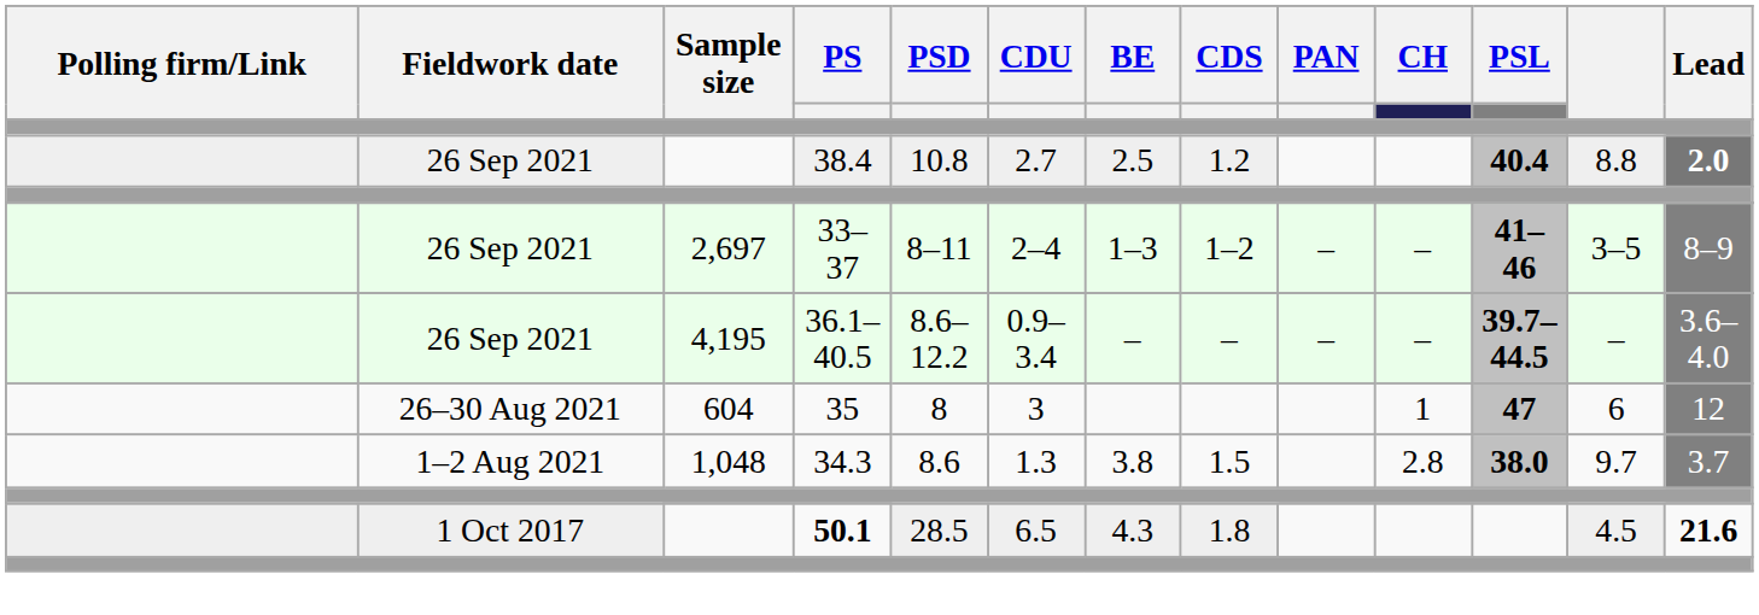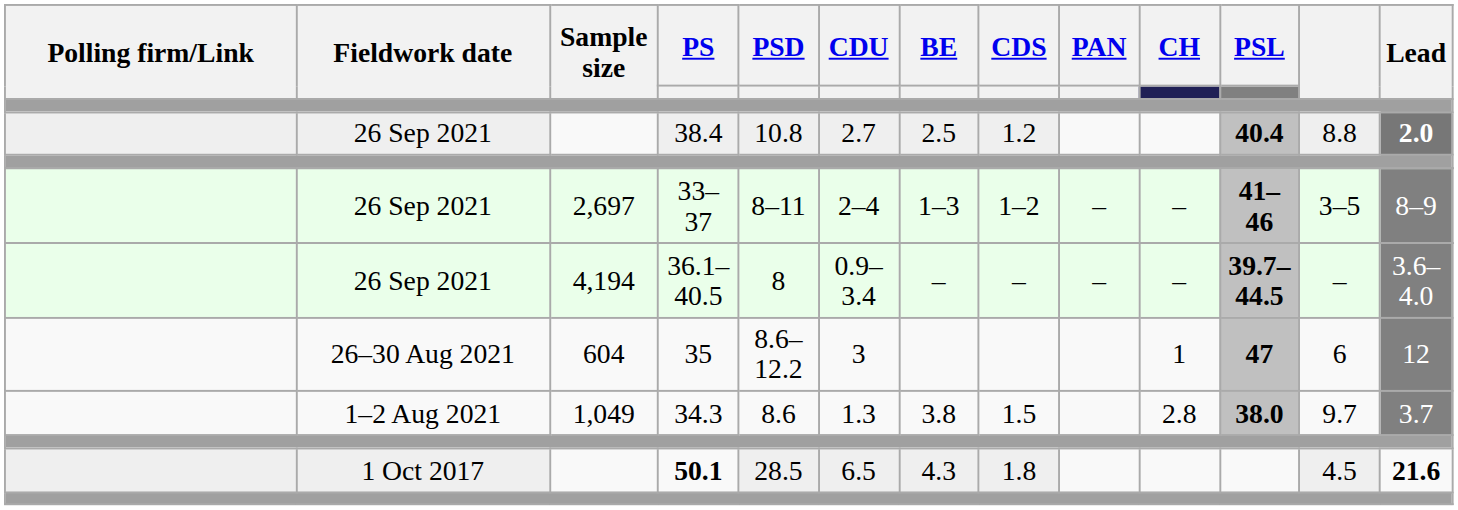 <table class="wikitable sortable mw-datatable" style="text-align:center;font-size:90%;line-height:16px;">
 <tr style="height:42px;">
 <th style="width:145px;" rowspan="2">Polling firm/Link</th>
 <th style="width:125px;" rowspan="2">Fieldwork date</th>
 <th class="unsortable" style="width:50px;" rowspan="2">Sample size</th>
 <th class="unsortable" style="width:35px;"><a href='#'>PS</a></th>
 <th class="unsortable" style="width:35px;"><a href='#'>PSD</a></th>
 <th class="unsortable" style="width:35px;"><a href='#'>CDU</a></th>
 <th class="unsortable" style="width:35px;"><a href='#'>BE</a></th>
 <th class="unsortable" style="width:35px;"><a href='#'>CDS</a></th>
 <th class="unsortable" style="width:35px;"><a href='#'>PAN</a></th>
 <th class="unsortable" style="width:35px;"><a href='#'>CH</a></th>
 <th class="unsortable" style="width:35px;"><a href='#'>PSL</a></th>
 <th class="unsortable" style="width:35px;" rowspan="2"></th>
 <th class="unsortable" style="width:30px;" rowspan="2">Lead</th>
 </tr>
 <tr>
 <th class="unsortable" style="color:inherit;background:"></th>
 <th class="unsortable" style="color:inherit;background:"></th>
 <th class="unsortable" style="color:inherit;background:"></th>
 <th class="unsortable" style="color:inherit;background:"></th>
 <th class="unsortable" style="color:inherit;background:"></th>
 <th class="sortable" style="background:"></th>
 <th class="sortable" style="background:#202056;"></th>
 <th class="unsortable" style="color:inherit;background:gray;"></th>
 </tr>
 <tr>
 <td colspan="13" style="background:#A0A0A0"></td>
 </tr>
 <tr>
 <td style="background:#EFEFEF;"><strong></strong></td>
 <td style="background:#EFEFEF;" data-sort-value="2019-10-06">26 Sep 2021</td>
 <td></td>
 <td style="background:#EFEFEF;">38.4<br></td>
 <td style="background:#EFEFEF;">10.8<br></td>
 <td style="background:#EFEFEF;">2.7<br></td>
 <td style="background:#EFEFEF;">2.5<br></td>
 <td style="background:#EFEFEF;">1.2<br></td>
 <td></td>
 <td></td>
 <td style="background:#C0C0C0"><strong>40.4</strong><br></td>
 <td style="background:#EFEFEF;">8.8<br></td>
 <td style="background:#777777; color:white;"><strong>2.0</strong></td>
 </tr>
 <tr>
 <td colspan="13" style="background:#A0A0A0"></td>
 </tr>
 <tr>
 </tr>
 <tr style="background:#EAFFEA"|>
 <td></td>
 <td data-sort-value="2019-10-06">26 Sep 2021</td>
 <td>2,697</td>
 <td>33–37<br></td>
 <td>8–11<br></td>
 <td>2–4<br></td>
 <td>1–3<br></td>
 <td>1–2<br></td>
 <td>–</td>
 <td>–</td>
 <td style="background:#C0C0C0"><strong>41–46</strong><br></td>
 <td>3–5</td>
 <td style="background:gray; color:white;">8–9</td>
 </tr>
 <tr>
 </tr>
 <tr style="background:#EAFFEA"|>
 <td></td>
 <td data-sort-value="2019-10-06">26 Sep 2021</td>
-<td>4,195</td>
+<td>4,194</td>
 <td>36.1–<br>40.5<br></td>
-<td>8.6–<br>12.2<br></td>
+<td align="center">8</td>
 <td>0.9–<br>3.4<br></td>
 <td>–</td>
 <td>–</td>
 <td>–</td>
 <td>–</td>
 <td style="background:#C0C0C0"><strong>39.7–<br>44.5</strong><br></td>
 <td>–</td>
 <td style="background:gray; color:white;">3.6–<br>4.0</td>
 </tr>
 <tr>
 <td align="center"></td>
 <td align="center">26–30 Aug 2021</td>
 <td>604</td>
 <td align="center">35</td>
-<td align="center">8</td>
+<td>8.6–<br>12.2<br></td>
 <td align="center">3</td>
 <td></td>
 <td></td>
 <td></td>
 <td align="center">1</td>
 <td style="background:#C0C0C0"><strong>47</strong></td>
 <td align="center">6</td>
 <td style="background:gray; color:white;">12</td>
 </tr>
 <tr>
 <td align="center"><br></td>
 <td align="center">1–2 Aug 2021</td>
-<td>1,048</td>
+<td>1,049</td>
 <td align="center">34.3<br></td>
 <td align="center">8.6<br></td>
 <td align="center">1.3<br></td>
 <td align="center">3.8<br></td>
 <td align="center">1.5<br></td>
 <td></td>
 <td align="center">2.8<br></td>
 <td style="background:#C0C0C0"><strong>38.0</strong><br></td>
 <td align="center">9.7<br></td>
 <td style="background:gray; color:white;">3.7</td>
 </tr>
 <tr>
 <td colspan="17" style="background:#A0A0A0"></td>
 </tr>
 <tr>
 <td style="background:#EFEFEF;"><strong></strong></td>
 <td style="background:#EFEFEF;" data-sort-value="2019-10-06">1 Oct 2017</td>
 <td></td>
 <td><strong>50.1</strong><br></td>
 <td style="background:#EFEFEF;">28.5<br></td>
 <td style="background:#EFEFEF;">6.5<br></td>
 <td style="background:#EFEFEF;">4.3<br></td>
 <td style="background:#EFEFEF;">1.8<br></td>
 <td></td>
 <td></td>
 <td></td>
 <td style="background:#EFEFEF;">4.5</td>
 <td style="background:"><strong>21.6</strong></td>
 </tr>
 <tr>
 <td colspan="17" style="background:#A0A0A0"></td>
 </tr>
 </table>
